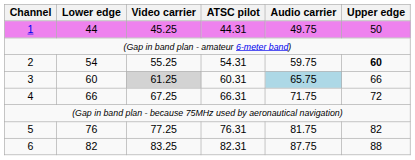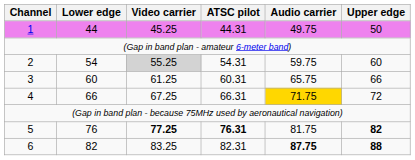 <table class="wikitable" style="text-align: center">
 <tr>
 <th> Channel </th>
 <th> Lower edge </th>
 <th> Video carrier </th>
 <th> ATSC pilot </th>
 <th> Audio carrier </th>
 <th> Upper edge </th>
 </tr>
 <tr bgcolor=violet>
 <td><a href='#'>1</a></td>
 <td>44</td>
 <td>45.25</td>
 <td>44.31</td>
 <td>49.75</td>
 <td>50</td>
 </tr>
 <tr>
 <td colspan="6"><small><em>(Gap in band plan - amateur <a href='#'>6-meter band</a>)</em></small></td>
 </tr>
 <tr>
 <td>2</td>
 <td>54</td>
-<td>55.25</td>
+<td style="background: lightgrey;">55.25</td>
 <td>54.31</td>
 <td>59.75</td>
-<td><strong>60</strong></td>
+<td>60</td>
 </tr>
 <tr>
 <td>3</td>
 <td>60</td>
-<td style="background: lightgrey;">61.25</td>
+<td>61.25</td>
 <td>60.31</td>
-<td style="background: lightblue;">65.75</td>
+<td>65.75</td>
 <td>66</td>
 </tr>
 <tr>
 <td>4</td>
 <td>66</td>
 <td>67.25</td>
 <td>66.31</td>
-<td>71.75</td>
+<td style="background: gold;">71.75</td>
 <td>72</td>
 </tr>
 <tr>
 <td colspan="6"><small><em>(Gap in band plan - because 75MHz used by aeronautical navigation)</em></small></td>
 </tr>
 <tr>
 <td>5</td>
 <td>76</td>
-<td>77.25</td>
-<td>76.31</td>
+<td><strong>77.25</strong></td>
+<td><strong>76.31</strong></td>
 <td>81.75</td>
-<td>82</td>
+<td><strong>82</strong></td>
 </tr>
 <tr>
 <td>6</td>
 <td>82</td>
 <td>83.25</td>
 <td>82.31</td>
-<td>87.75</td>
-<td>88</td>
+<td><strong>87.75</strong></td>
+<td><strong>88</strong></td>
 </tr>
 </table>
